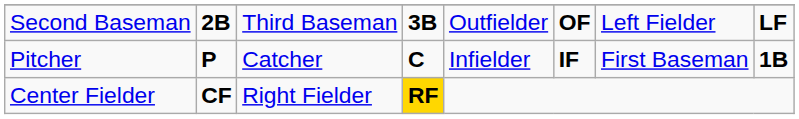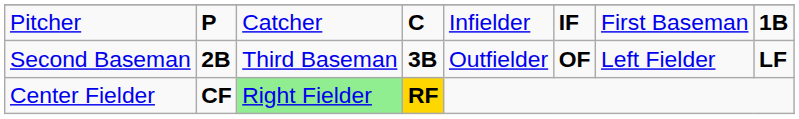 <table class="wikitable">
 <tr style="text-align:center; ">
+</tr>
+<tr>
+<td><a href='#'>Pitcher</a></td>
+<td><strong>P</strong></td>
+<td><a href='#'>Catcher</a></td>
+<td><strong>C</strong></td>
+<td><a href='#'>Infielder</a></td>
+<td><strong>IF</strong></td>
+<td><a href='#'>First Baseman</a></td>
+<td><strong>1B</strong></td>
 </tr>
 <tr>
 <td><a href='#'>Second Baseman</a></td>
 <td><strong>2B</strong></td>
 <td><a href='#'>Third Baseman</a></td>
 <td><strong>3B</strong></td>
 <td><a href='#'>Outfielder</a></td>
 <td><strong>OF</strong></td>
 <td><a href='#'>Left Fielder</a></td>
 <td><strong>LF</strong></td>
 </tr>
 <tr>
-<td><a href='#'>Pitcher</a></td>
-<td><strong>P</strong></td>
-<td><a href='#'>Catcher</a></td>
-<td><strong>C</strong></td>
-<td><a href='#'>Infielder</a></td>
-<td><strong>IF</strong></td>
-<td><a href='#'>First Baseman</a></td>
-<td><strong>1B</strong></td>
-</tr>
-<tr>
 <td><a href='#'>Center Fielder</a></td>
 <td><strong>CF</strong></td>
-<td><a href='#'>Right Fielder</a></td>
+<td style="background: lightgreen;"><a href='#'>Right Fielder</a></td>
 <td style="background: gold;"><strong>RF</strong></td>
 </tr>
 </table>
